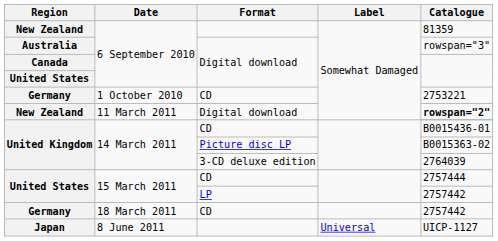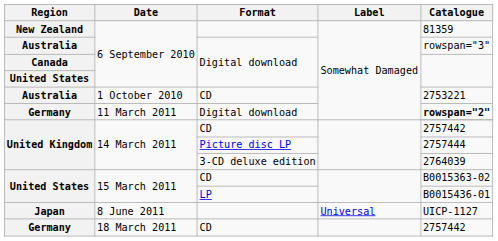 <table class="wikitable plainrowheaders">
 <tr>
 <th scope="col">Region</th>
 <th scope="col">Date</th>
 <th scope="col">Format</th>
 <th scope="col">Label</th>
 <th scope="col">Catalogue</th>
 </tr>
 <tr>
 <th scope="row">New Zealand</th>
 <td rowspan="4">6 September 2010</td>
 <td></td>
 <td rowspan="7">Somewhat Damaged</td>
 <td>81359</td>
 </tr>
 <tr>
 <th scope="row">Australia</th>
 <td rowspan="3">Digital download</td>
 <td>rowspan="3" </td>
 </tr>
 <tr>
 <th scope="row">Canada</th>
 </tr>
 <tr>
 <th scope="row">United States</th>
 </tr>
 <tr>
-<th scope="row">Germany</th>
+<th scope="row">Australia</th>
 <td>1 October 2010</td>
 <td>CD</td>
 <td>2753221</td>
 </tr>
 <tr>
-<th scope="row">New Zealand</th>
+<th scope="row">Germany</th>
 <td>11 March 2011</td>
 <td rowspan="2">Digital download</td>
 <td><strong>rowspan="2" </strong></td>
 </tr>
 <tr>
 <th scope="row" rowspan="4">United Kingdom</th>
 <td rowspan="4">14 March 2011</td>
 </tr>
 <tr>
 <td>CD</td>
 <td rowspan="3"></td>
-<td>B0015436-01</td>
+<td>2757442</td>
 </tr>
 <tr>
 <td><a href='#'>Picture disc LP</a></td>
-<td>B0015363-02</td>
+<td>2757444</td>
 </tr>
 <tr>
 <td>3-CD deluxe edition</td>
 <td>2764039</td>
 </tr>
 <tr>
 <th scope="row" rowspan="2">United States</th>
 <td rowspan="2">15 March 2011</td>
 <td>CD</td>
 <td rowspan="2"></td>
-<td>2757444</td>
+<td>B0015363-02</td>
 </tr>
 <tr>
 <td><a href='#'>LP</a></td>
-<td>2757442</td>
+<td>B0015436-01</td>
+</tr>
+<tr>
+<th scope="row">Japan</th>
+<td>8 June 2011</td>
+<td></td>
+<td><a href='#'>Universal</a></td>
+<td>UICP-1127</td>
 </tr>
 <tr>
 <th scope="row">Germany</th>
 <td>18 March 2011</td>
 <td>CD</td>
 <td></td>
 <td>2757442</td>
 </tr>
-<tr>
-<th scope="row">Japan</th>
-<td>8 June 2011</td>
-<td></td>
-<td><a href='#'>Universal</a></td>
-<td>UICP-1127</td>
-</tr>
 </table>
